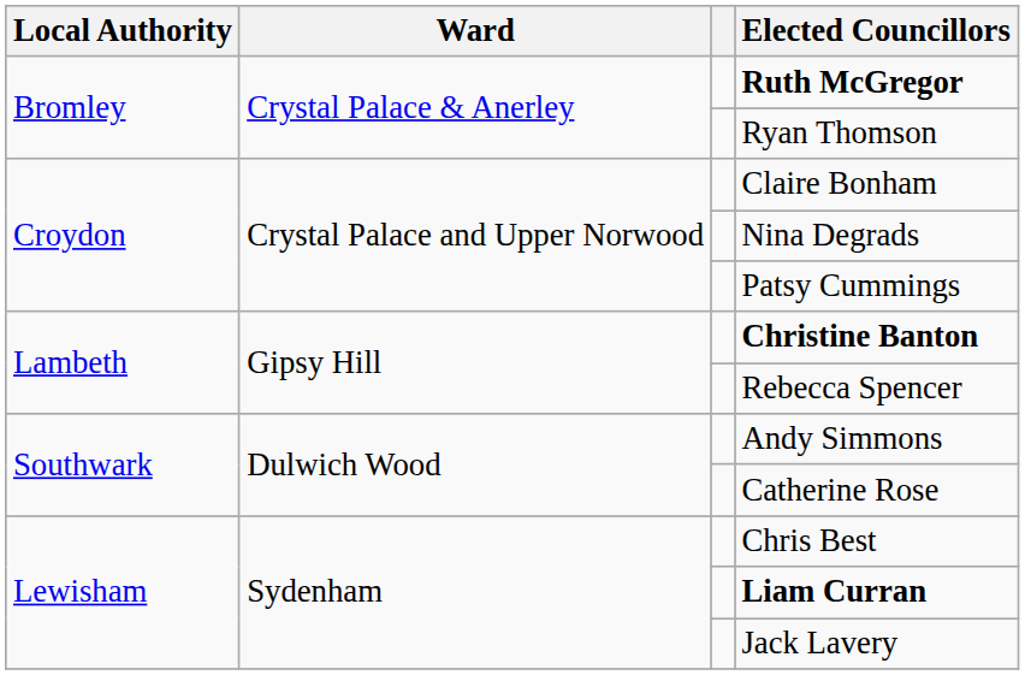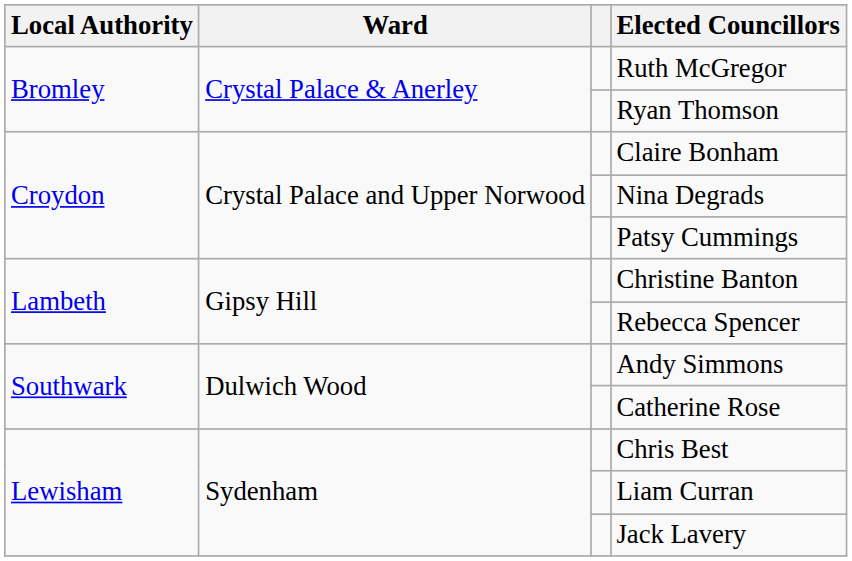 <table class="wikitable">
 <tr>
 <th>Local Authority</th>
 <th>Ward</th>
 <th> </th>
 <th>Elected Councillors</th>
 </tr>
 <tr>
 <td rowspan=2><a href='#'>Bromley</a></td>
 <td rowspan=2><a href='#'>Crystal Palace & Anerley</a></td>
 <td></td>
-<td><strong>Ruth McGregor</strong></td>
+<td>Ruth McGregor</td>
 </tr>
 <tr>
 <td></td>
 <td>Ryan Thomson </td>
 </tr>
 <tr>
 <td rowspan=3><a href='#'>Croydon</a></td>
 <td rowspan=3>Crystal Palace and Upper Norwood</td>
 <td></td>
 <td>Claire Bonham</td>
 </tr>
 <tr>
 <td></td>
 <td>Nina Degrads</td>
 </tr>
 <tr>
 <td></td>
 <td>Patsy Cummings</td>
 </tr>
 <tr>
 <td rowspan=2><a href='#'>Lambeth</a></td>
 <td rowspan=2>Gipsy Hill</td>
 <td></td>
-<td><strong>Christine Banton</strong></td>
+<td>Christine Banton</td>
 </tr>
 <tr>
 <td></td>
 <td>Rebecca Spencer</td>
 </tr>
 <tr>
 <td rowspan=2><a href='#'>Southwark</a></td>
 <td rowspan=2>Dulwich Wood</td>
 <td></td>
 <td>Andy Simmons</td>
 </tr>
 <tr>
 <td></td>
 <td>Catherine Rose</td>
 </tr>
 <tr>
 <td rowspan=3><a href='#'>Lewisham</a></td>
 <td rowspan=3>Sydenham</td>
 <td></td>
 <td>Chris Best</td>
 </tr>
 <tr>
 <td></td>
-<td><strong>Liam Curran</strong></td>
+<td>Liam Curran</td>
 </tr>
 <tr>
 <td></td>
 <td>Jack Lavery</td>
 </tr>
 </table>
